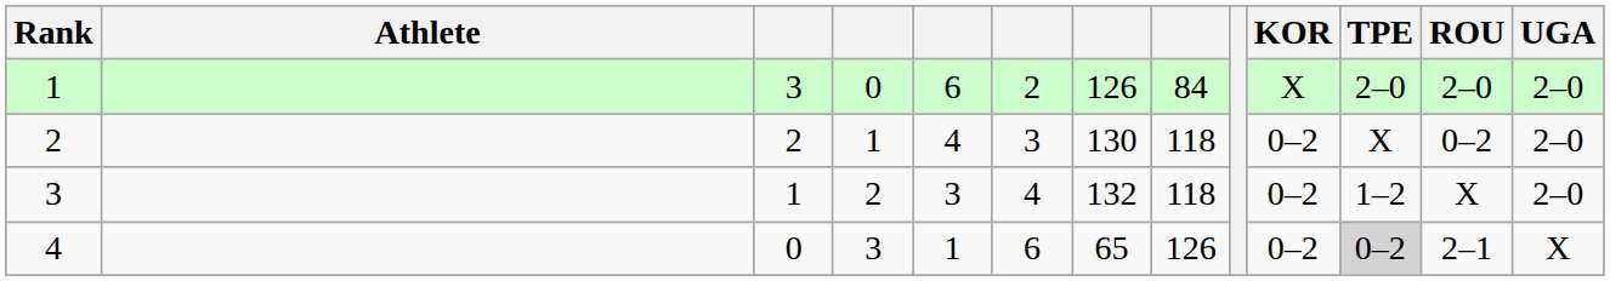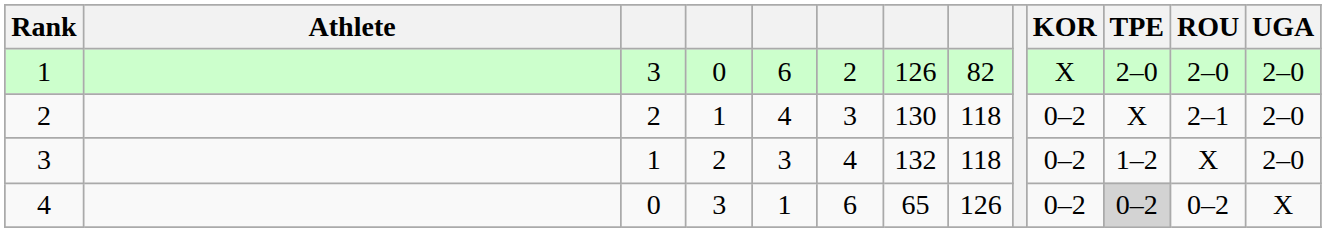 <table class="wikitable" style="text-align:center">
 <tr>
 <th>Rank</th>
 <th width=300>Athlete</th>
 <th width=30></th>
 <th width=30></th>
 <th width=30></th>
 <th width=30></th>
 <th width=30></th>
 <th width=30></th>
 <th rowspan=5></th>
 <th width=30>KOR</th>
 <th width=30>TPE</th>
 <th width=30>ROU</th>
 <th width=30>UGA</th>
 </tr>
 <tr style="background-color:#ccffcc;">
 <td>1</td>
 <td align=left></td>
 <td>3</td>
 <td>0</td>
 <td>6</td>
 <td>2</td>
 <td>126</td>
-<td>84</td>
+<td>82</td>
 <td>X</td>
 <td>2–0</td>
 <td>2–0</td>
 <td>2–0</td>
 </tr>
 <tr>
 <td>2</td>
 <td align=left></td>
 <td>2</td>
 <td>1</td>
 <td>4</td>
 <td>3</td>
 <td>130</td>
 <td>118</td>
 <td>0–2</td>
 <td>X</td>
-<td>0–2</td>
+<td>2–1</td>
 <td>2–0</td>
 </tr>
 <tr>
 <td>3</td>
 <td align=left></td>
 <td>1</td>
 <td>2</td>
 <td>3</td>
 <td>4</td>
 <td>132</td>
 <td>118</td>
 <td>0–2</td>
 <td>1–2</td>
 <td>X</td>
 <td>2–0</td>
 </tr>
 <tr>
 <td>4</td>
 <td align=left></td>
 <td>0</td>
 <td>3</td>
 <td>1</td>
 <td>6</td>
 <td>65</td>
 <td>126</td>
 <td>0–2</td>
 <td style="background: lightgrey;">0–2</td>
-<td>2–1</td>
+<td>0–2</td>
 <td>X</td>
 </tr>
 </table>
